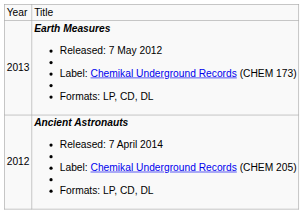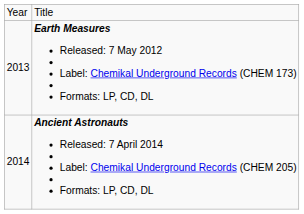 <table class="wikitable">
 <tr>
 <td>Year</td>
 <td>Title</td>
 </tr>
 <tr>
 <td>2013</td>
 <td><strong><em>Earth Measures</em></strong><br><ul><li>Released: 7 May 2012</li><li></li><li>Label: <a href='#'>Chemikal Underground Records</a> (CHEM 173)</li><li></li><li>Formats: LP, CD, DL</li></ul></td>
 </tr>
 <tr>
-<td>2012</td>
+<td>2014</td>
 <td><strong><em>Ancient Astronauts</em></strong><br><ul><li>Released: 7 April 2014</li><li></li><li>Label: <a href='#'>Chemikal Underground Records</a> (CHEM 205)</li><li></li><li>Formats: LP, CD, DL</li></ul></td>
 </tr>
 </table>
